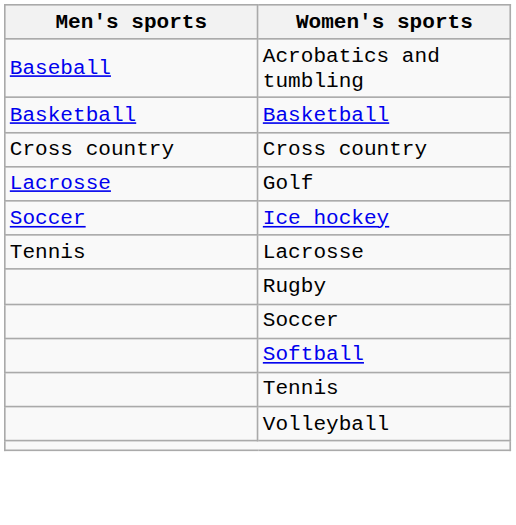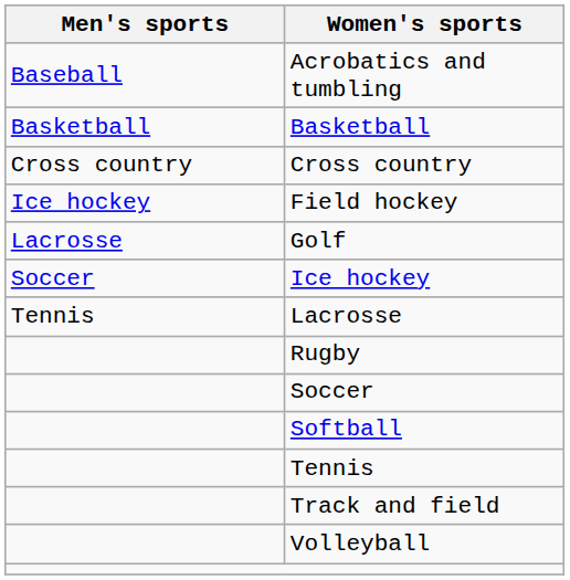 <table class="wikitable">
 <tr>
 <th width=150px>Men's sports</th>
 <th width=150px>Women's sports</th>
 </tr>
 <tr>
 <td><a href='#'>Baseball</a></td>
 <td>Acrobatics and tumbling</td>
 </tr>
 <tr>
 <td><a href='#'>Basketball</a></td>
 <td><a href='#'>Basketball</a></td>
 </tr>
 <tr>
 <td>Cross country</td>
 <td>Cross country</td>
+</tr>
+<tr>
+<td><a href='#'>Ice hockey</a></td>
+<td>Field hockey</td>
 </tr>
 <tr>
 <td><a href='#'>Lacrosse</a></td>
 <td>Golf</td>
 </tr>
 <tr>
 <td><a href='#'>Soccer</a></td>
 <td><a href='#'>Ice hockey</a></td>
 </tr>
 <tr>
 <td>Tennis</td>
 <td>Lacrosse</td>
 </tr>
 <tr>
 <td></td>
 <td>Rugby</td>
 </tr>
 <tr>
 <td></td>
 <td>Soccer</td>
 </tr>
 <tr>
 <td></td>
 <td><a href='#'>Softball</a></td>
 </tr>
 <tr>
 <td></td>
 <td>Tennis</td>
 </tr>
 <tr>
 <td></td>
+<td>Track and field</td>
+</tr>
+<tr>
+<td></td>
 <td>Volleyball</td>
 </tr>
 <tr>
 <td colspan="2"></td>
 </tr>
 </table>
